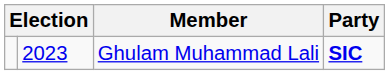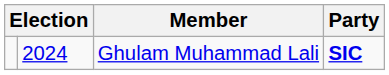 <table class="wikitable">
 <tr>
 <th colspan="2">Election</th>
 <th>Member</th>
 <th>Party</th>
 </tr>
 <tr>
 <td style="background-color: "></td>
-<td><a href='#'>2023</a></td>
+<td><a href='#'>2024</a></td>
 <td><a href='#'>Ghulam Muhammad Lali</a></td>
 <td><strong><a href='#'>SIC</a></strong></td>
 </tr>
 </table>
